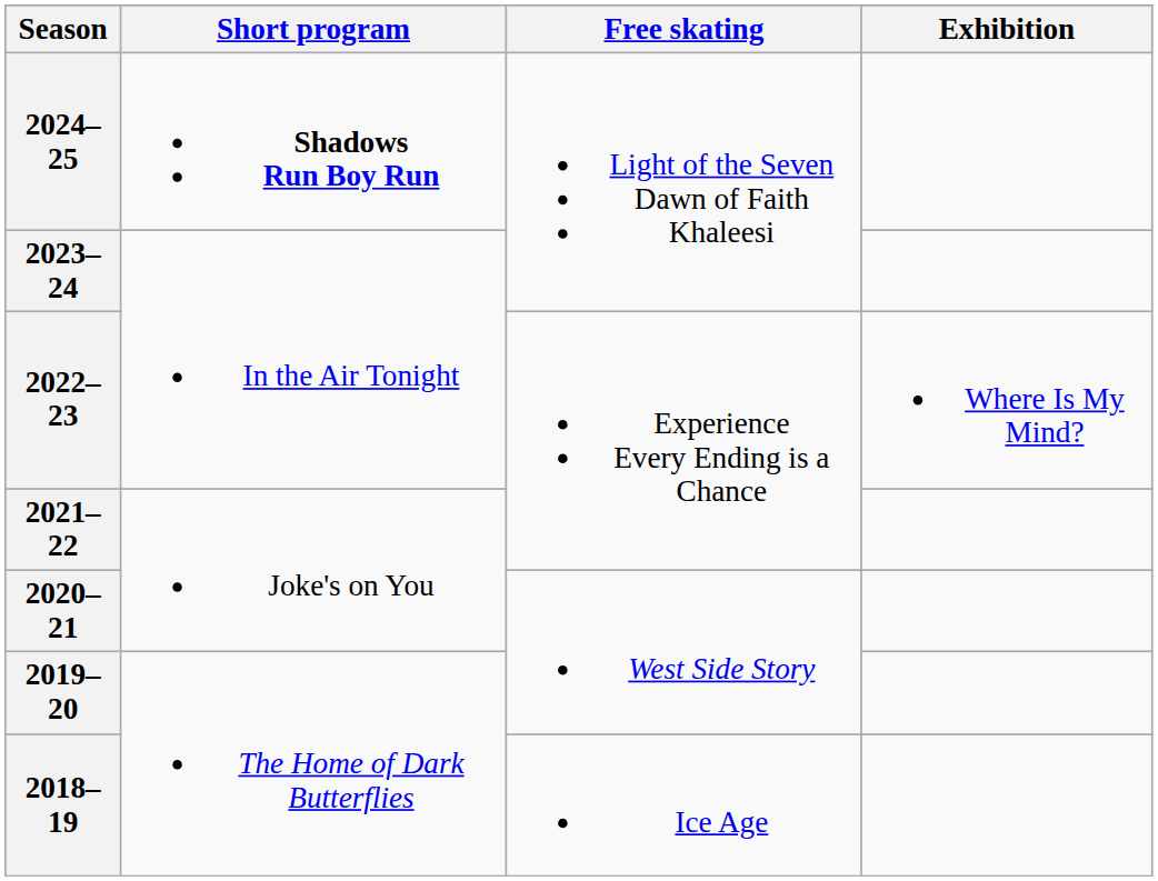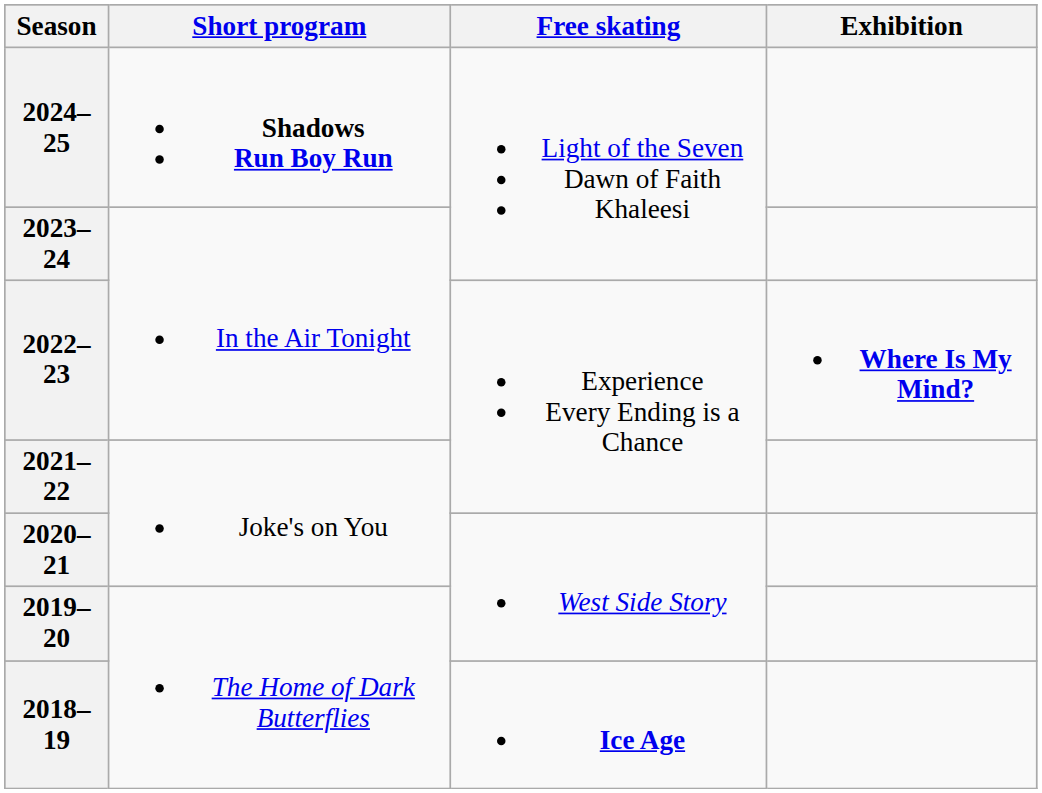 <table class=wikitable style=text-align:center>
 <tr>
 <th>Season</th>
 <th><a href='#'>Short program</a></th>
 <th><a href='#'>Free skating</a></th>
 <th>Exhibition</th>
 </tr>
 <tr>
 <th>2024–25 <br> </th>
 <td><strong><br><ul><li>Shadows</li><li><a href='#'>Run Boy Run</a> <br> </li></ul></strong></td>
 <td rowspan=2><br><ul><li><a href='#'>Light of the Seven</a> <br> </li><li>Dawn of Faith <br> </li><li>Khaleesi <br> </li></ul></td>
 <td></td>
 </tr>
 <tr>
 <th>2023–24 <br> </th>
 <td rowspan=2><br><ul><li><a href='#'>In the Air Tonight</a> <br> </li></ul></td>
 <td></td>
 </tr>
 <tr>
 <th>2022–23 <br> </th>
 <td rowspan=2><br><ul><li>Experience <br> </li><li>Every Ending is a Chance <br> </li></ul></td>
-<td><br><ul><li><a href='#'>Where Is My Mind?</a> <br></li></ul></td>
+<td><strong><br><ul><li><a href='#'>Where Is My Mind?</a> <br></li></ul></strong></td>
 </tr>
 <tr>
 <th>2021–22 <br> </th>
 <td rowspan=2><br><ul><li>Joke's on You <br> </li></ul></td>
 <td></td>
 </tr>
 <tr>
 <th>2020–21 <br> </th>
 <td rowspan=2><br><ul><li><em><a href='#'>West Side Story</a></em> <br> </li></ul></td>
 <td></td>
 </tr>
 <tr>
 <th>2019–20 <br> </th>
 <td rowspan=2><br><ul><li><em><a href='#'>The Home of Dark Butterflies</a></em> <br> </li></ul></td>
 <td></td>
 </tr>
 <tr>
 <th>2018–19 <br> </th>
-<td><br><ul><li><a href='#'>Ice Age</a> <br></li></ul></td>
+<td><strong><br><ul><li><a href='#'>Ice Age</a> <br></li></ul></strong></td>
 <td></td>
 </tr>
 </table>
